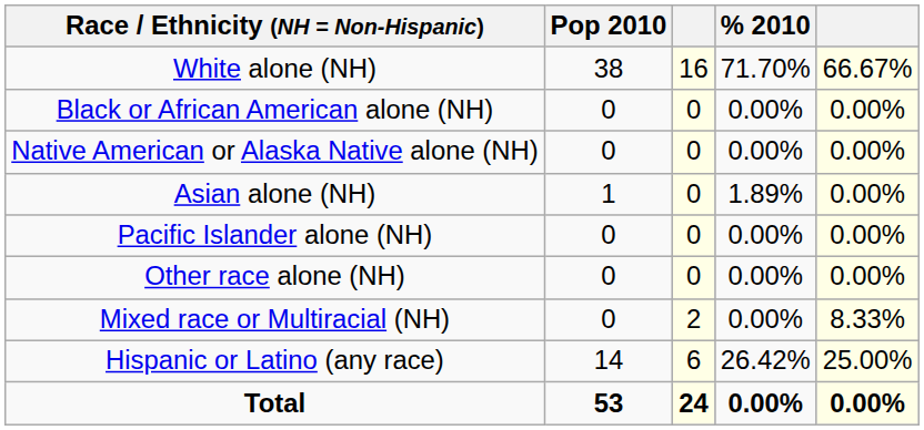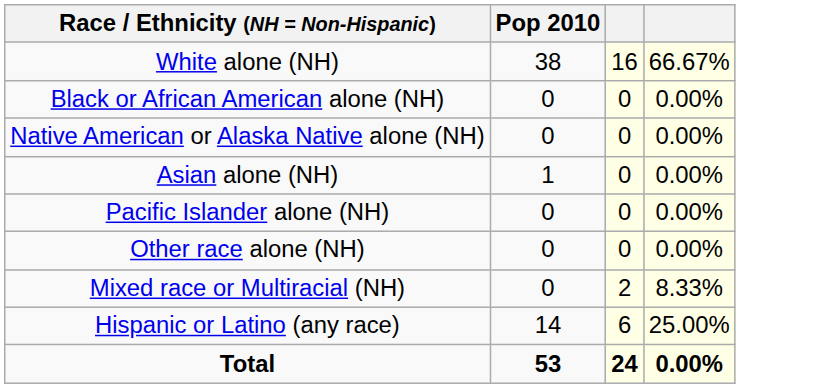 <table class="wikitable" style="text-align:center;">
 <tr>
 <th>Race / Ethnicity <small>(<em>NH = Non-Hispanic</em>)</small></th>
 <th>Pop 2010</th>
 <th></th>
-<th>% 2010</th>
 <th></th>
 </tr>
 <tr>
 <td><a href='#'>White</a> alone (NH)</td>
 <td>38</td>
 <td style='background: #ffffe6;'>16</td>
-<td>71.70%</td>
 <td style='background: #ffffe6;'>66.67%</td>
 </tr>
 <tr>
 <td><a href='#'>Black or African American</a> alone (NH)</td>
 <td>0</td>
 <td style='background: #ffffe6;'>0</td>
-<td>0.00%</td>
 <td style='background: #ffffe6;'>0.00%</td>
 </tr>
 <tr>
 <td><a href='#'>Native American</a> or <a href='#'>Alaska Native</a> alone (NH)</td>
 <td>0</td>
 <td style='background: #ffffe6;'>0</td>
-<td>0.00%</td>
 <td style='background: #ffffe6;'>0.00%</td>
 </tr>
 <tr>
 <td><a href='#'>Asian</a> alone (NH)</td>
 <td>1</td>
 <td style='background: #ffffe6;'>0</td>
-<td>1.89%</td>
 <td style='background: #ffffe6;'>0.00%</td>
 </tr>
 <tr>
 <td><a href='#'>Pacific Islander</a> alone (NH)</td>
 <td>0</td>
 <td style='background: #ffffe6;'>0</td>
-<td>0.00%</td>
 <td style='background: #ffffe6;'>0.00%</td>
 </tr>
 <tr>
 <td><a href='#'>Other race</a> alone (NH)</td>
 <td>0</td>
 <td style='background: #ffffe6;'>0</td>
-<td>0.00%</td>
 <td style='background: #ffffe6;'>0.00%</td>
 </tr>
 <tr>
 <td><a href='#'>Mixed race or Multiracial</a> (NH)</td>
 <td>0</td>
 <td style='background: #ffffe6;'>2</td>
-<td>0.00%</td>
 <td style='background: #ffffe6;'>8.33%</td>
 </tr>
 <tr>
 <td><a href='#'>Hispanic or Latino</a> (any race)</td>
 <td>14</td>
 <td style='background: #ffffe6;'>6</td>
-<td>26.42%</td>
 <td style='background: #ffffe6;'>25.00%</td>
 </tr>
 <tr>
 <td><strong>Total</strong></td>
 <td><strong>53</strong></td>
 <td style='background: #ffffe6;'><strong>24</strong></td>
-<td><strong>0.00%</strong></td>
 <td style='background: #ffffe6;'><strong>0.00%</strong></td>
 </tr>
 </table>
